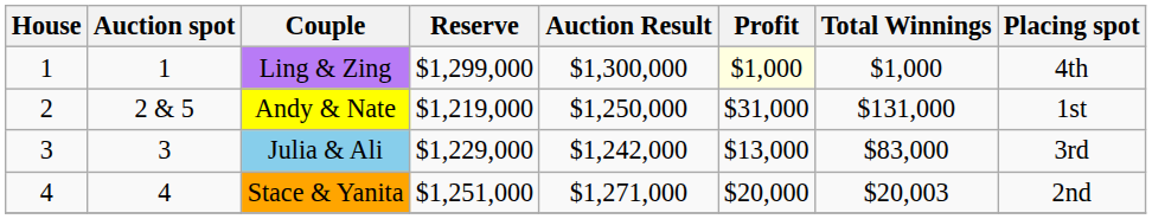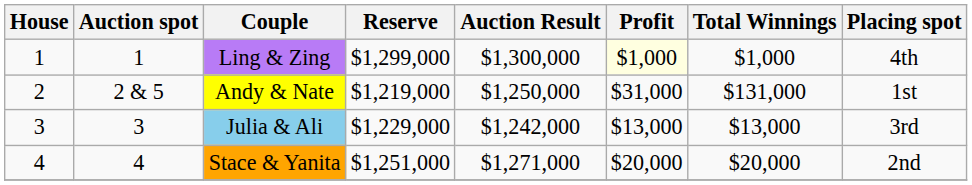 <table class="wikitable" style="text-align: center" |>
 <tr>
 <th>House</th>
 <th>Auction spot</th>
 <th>Couple</th>
 <th>Reserve</th>
 <th>Auction Result</th>
 <th>Profit</th>
 <th>Total Winnings</th>
 <th>Placing spot</th>
 </tr>
 <tr>
 <td>1</td>
 <td>1</td>
 <td style="background-color: #B87BF6;">Ling & Zing</td>
 <td>$1,299,000</td>
 <td>$1,300,000</td>
 <td style="background: lightyellow;">$1,000</td>
 <td>$1,000</td>
 <td>4th</td>
 </tr>
 <tr>
 <td>2</td>
 <td>2 & 5</td>
 <td style="background-color:  Yellow; ">Andy & Nate</td>
 <td>$1,219,000</td>
 <td>$1,250,000</td>
 <td>$31,000</td>
 <td>$131,000</td>
 <td>1st</td>
 </tr>
 <tr>
 <td>3</td>
 <td>3</td>
 <td style="background-color: skyblue;">Julia & Ali</td>
 <td>$1,229,000</td>
 <td>$1,242,000</td>
 <td>$13,000</td>
-<td>$83,000</td>
+<td>$13,000</td>
 <td>3rd</td>
 </tr>
 <tr>
 <td>4</td>
 <td>4</td>
 <td style='background:Orange;'>Stace & Yanita</td>
 <td>$1,251,000</td>
 <td>$1,271,000</td>
 <td>$20,000</td>
-<td>$20,003</td>
+<td>$20,000</td>
 <td>2nd</td>
 </tr>
 <tr>
 </tr>
 </table>
